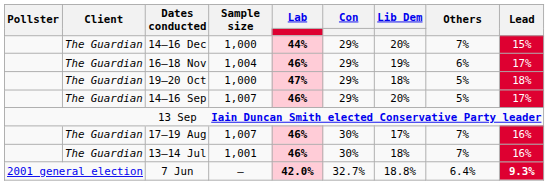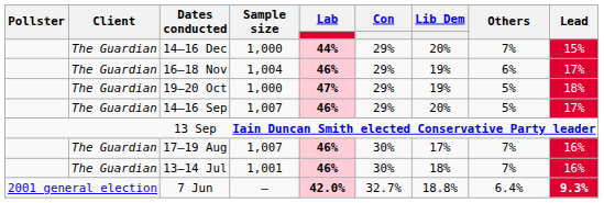 <table class="wikitable sortable mw-datatable" style="text-align:center;font-size:90%;line-height:14px;">
 <tr>
 <th rowspan="2">Pollster</th>
 <th rowspan="2">Client</th>
 <th rowspan="2">Dates<br>conducted</th>
 <th rowspan="2" data-sort-type="number">Sample<br>size</th>
 <th class="unsortable" style="width:50px;"><a href='#'>Lab</a></th>
 <th class="unsortable" style="width:50px;"><a href='#'>Con</a></th>
 <th class="unsortable" style="width:50px;"><a href='#'>Lib Dem</a></th>
 <th rowspan="2" class="unsortable" style="width:75px;">Others</th>
 <th rowspan="2">Lead</th>
 </tr>
 <tr>
 <th data-sort-type="number" style="background:#DE0031;"></th>
 <th data-sort-type="number" style="background:"></th>
 <th data-sort-type="number" style="background:"></th>
 </tr>
 <tr>
 <td></td>
 <td><em>The Guardian</em></td>
 <td>14–16 Dec</td>
 <td>1,000</td>
 <td style="background:#FFCCD7;"><strong>44%</strong></td>
 <td>29%</td>
 <td>20%</td>
 <td>7%</td>
 <td style="background:#DE0031;color:#FFFFFF;">15%</td>
 </tr>
 <tr>
 <td></td>
 <td><em>The Guardian</em></td>
 <td>16–18 Nov</td>
 <td>1,004</td>
 <td style="background:#FFCCD7;"><strong>46%</strong></td>
 <td>29%</td>
 <td>19%</td>
 <td>6%</td>
 <td style="background:#DE0031;color:#FFFFFF;">17%</td>
 </tr>
 <tr>
 <td></td>
 <td><em>The Guardian</em></td>
 <td>19–20 Oct</td>
 <td>1,000</td>
 <td style="background:#FFCCD7;"><strong>47%</strong></td>
 <td>29%</td>
-<td>18%</td>
+<td>19%</td>
 <td>5%</td>
 <td style="background:#DE0031;color:#FFFFFF;">18%</td>
 </tr>
 <tr>
 <td><br></td>
 <td><em>The Guardian</em></td>
 <td>14–16 Sep</td>
 <td>1,007</td>
 <td style="background:#FFCCD7;"><strong>46%</strong></td>
 <td>29%</td>
 <td>20%</td>
 <td>5%</td>
 <td style="background:#DE0031;color:#FFFFFF;">17%</td>
 </tr>
 <tr>
 <td style="border-right-style:hidden;"></td>
 <td style="border-right-style:hidden;"></td>
 <td style="border-right-style:hidden;">13 Sep</td>
 <td colspan="6"><strong><a href='#'>Iain Duncan Smith elected Conservative Party leader</a></strong></td>
 </tr>
 <tr>
 <td><br></td>
 <td><em>The Guardian</em></td>
 <td>17–19 Aug</td>
 <td>1,007</td>
 <td style="background:#FFCCD7;"><strong>46%</strong></td>
 <td>30%</td>
 <td>17%</td>
 <td>7%</td>
 <td style="background:#DE0031;color:#FFFFFF;">16%</td>
 </tr>
 <tr>
 <td></td>
 <td><em>The Guardian</em></td>
 <td>13–14 Jul</td>
 <td>1,001</td>
 <td style="background:#FFCCD7;"><strong>46%</strong></td>
 <td>30%</td>
 <td>18%</td>
 <td>7%</td>
 <td style="background:#DE0031;color:#FFFFFF;">16%</td>
 </tr>
 <tr>
 <td colspan="2"><a href='#'>2001 general election</a></td>
 <td>7 Jun</td>
 <td>–</td>
 <td style="background:#FFCCD7;"><strong>42.0%</strong></td>
 <td>32.7%</td>
 <td>18.8%</td>
 <td>6.4%</td>
 <td style="background:#DE0031;color:#FFFFFF;"><strong>9.3%</strong></td>
 </tr>
 </table>
